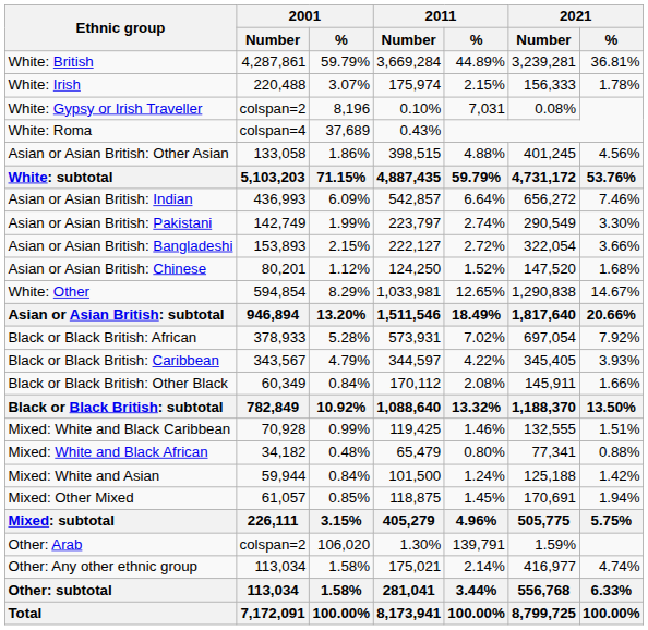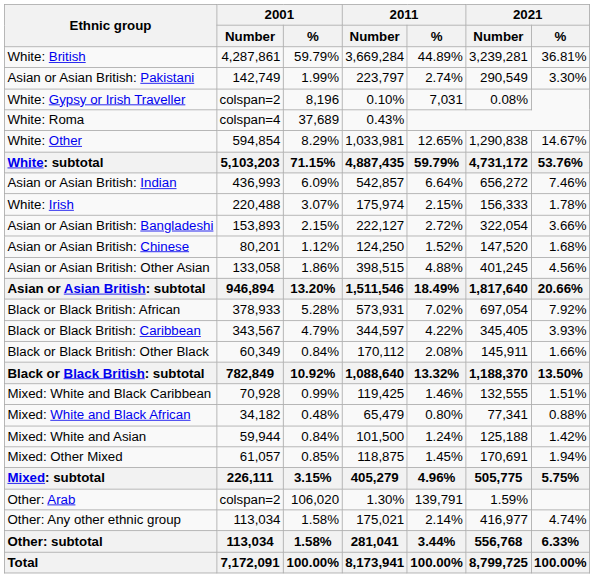 <table class="wikitable sortable" style="text-align:right">
 <tr>
 <th rowspan="2">Ethnic group</th>
 <th colspan="2">2001</th>
 <th colspan="2">2011</th>
 <th colspan="2">2021</th>
 </tr>
 <tr>
 <th>Number</th>
 <th>%</th>
 <th>Number</th>
 <th>%</th>
 <th>Number</th>
 <th>%</th>
 </tr>
 <tr>
 <td style="text-align:left">White: <a href='#'>British</a></td>
 <td>4,287,861</td>
 <td>59.79%</td>
 <td>3,669,284</td>
 <td>44.89%</td>
 <td>3,239,281</td>
 <td>36.81%</td>
 </tr>
 <tr>
-<td style="text-align:left">White: <a href='#'>Irish</a></td>
-<td>220,488</td>
-<td>3.07%</td>
-<td>175,974</td>
-<td>2.15%</td>
-<td>156,333</td>
-<td>1.78%</td>
+<td style="text-align:left">Asian or Asian British: <a href='#'>Pakistani</a></td>
+<td>142,749</td>
+<td>1.99%</td>
+<td>223,797</td>
+<td>2.74%</td>
+<td>290,549</td>
+<td>3.30%</td>
 </tr>
 <tr>
 <td style="text-align:left">White: <a href='#'>Gypsy or Irish Traveller</a></td>
 <td>colspan=2 </td>
 <td>8,196</td>
 <td>0.10%</td>
 <td>7,031</td>
 <td>0.08%</td>
 </tr>
 <tr>
 <td style="text-align:left">White: Roma</td>
 <td>colspan=4 </td>
 <td>37,689</td>
 <td>0.43%</td>
 </tr>
 <tr>
-<td style="text-align:left">Asian or Asian British: Other Asian</td>
-<td>133,058</td>
-<td>1.86%</td>
-<td>398,515</td>
-<td>4.88%</td>
-<td>401,245</td>
-<td>4.56%</td>
+<td style="text-align:left">White: <a href='#'>Other</a></td>
+<td>594,854</td>
+<td>8.29%</td>
+<td>1,033,981</td>
+<td>12.65%</td>
+<td>1,290,838</td>
+<td>14.67%</td>
 </tr>
 <tr>
 <th style="text-align:left"><a href='#'>White</a>: subtotal</th>
 <th>5,103,203</th>
 <th>71.15%</th>
 <th>4,887,435</th>
 <th>59.79%</th>
 <th>4,731,172</th>
 <th>53.76%</th>
 </tr>
 <tr>
 <td style="text-align:left">Asian or Asian British: <a href='#'>Indian</a></td>
 <td>436,993</td>
 <td>6.09%</td>
 <td>542,857</td>
 <td>6.64%</td>
 <td>656,272</td>
 <td>7.46%</td>
 </tr>
 <tr>
-<td style="text-align:left">Asian or Asian British: <a href='#'>Pakistani</a></td>
-<td>142,749</td>
-<td>1.99%</td>
-<td>223,797</td>
-<td>2.74%</td>
-<td>290,549</td>
-<td>3.30%</td>
+<td style="text-align:left">White: <a href='#'>Irish</a></td>
+<td>220,488</td>
+<td>3.07%</td>
+<td>175,974</td>
+<td>2.15%</td>
+<td>156,333</td>
+<td>1.78%</td>
 </tr>
 <tr>
 <td style="text-align:left">Asian or Asian British: <a href='#'>Bangladeshi</a></td>
 <td>153,893</td>
 <td>2.15%</td>
 <td>222,127</td>
 <td>2.72%</td>
 <td>322,054</td>
 <td>3.66%</td>
 </tr>
 <tr>
 <td style="text-align:left">Asian or Asian British: <a href='#'>Chinese</a></td>
 <td>80,201</td>
 <td>1.12%</td>
 <td>124,250</td>
 <td>1.52%</td>
 <td>147,520</td>
 <td>1.68%</td>
 </tr>
 <tr>
-<td style="text-align:left">White: <a href='#'>Other</a></td>
-<td>594,854</td>
-<td>8.29%</td>
-<td>1,033,981</td>
-<td>12.65%</td>
-<td>1,290,838</td>
-<td>14.67%</td>
+<td style="text-align:left">Asian or Asian British: Other Asian</td>
+<td>133,058</td>
+<td>1.86%</td>
+<td>398,515</td>
+<td>4.88%</td>
+<td>401,245</td>
+<td>4.56%</td>
 </tr>
 <tr>
 <th style="text-align:left">Asian or <a href='#'>Asian British</a>: subtotal</th>
 <th>946,894</th>
 <th>13.20%</th>
 <th>1,511,546</th>
 <th>18.49%</th>
 <th>1,817,640</th>
 <th>20.66%</th>
 </tr>
 <tr>
 <td style="text-align:left">Black or Black British: African</td>
 <td>378,933</td>
 <td>5.28%</td>
 <td>573,931</td>
 <td>7.02%</td>
 <td>697,054</td>
 <td>7.92%</td>
 </tr>
 <tr>
 <td style="text-align:left">Black or Black British: <a href='#'>Caribbean</a></td>
 <td>343,567</td>
 <td>4.79%</td>
 <td>344,597</td>
 <td>4.22%</td>
 <td>345,405</td>
 <td>3.93%</td>
 </tr>
 <tr>
 <td style="text-align:left">Black or Black British: Other Black</td>
 <td>60,349</td>
 <td>0.84%</td>
 <td>170,112</td>
 <td>2.08%</td>
 <td>145,911</td>
 <td>1.66%</td>
 </tr>
 <tr>
 <th style="text-align:left">Black or <a href='#'>Black British</a>: subtotal</th>
 <th>782,849</th>
 <th>10.92%</th>
 <th>1,088,640</th>
 <th>13.32%</th>
 <th>1,188,370</th>
 <th>13.50%</th>
 </tr>
 <tr>
 <td style="text-align:left">Mixed: White and Black Caribbean</td>
 <td>70,928</td>
 <td>0.99%</td>
 <td>119,425</td>
 <td>1.46%</td>
 <td>132,555</td>
 <td>1.51%</td>
 </tr>
 <tr>
 <td style="text-align:left">Mixed: <a href='#'>White and Black African</a></td>
 <td>34,182</td>
 <td>0.48%</td>
 <td>65,479</td>
 <td>0.80%</td>
 <td>77,341</td>
 <td>0.88%</td>
 </tr>
 <tr>
 <td style="text-align:left">Mixed: White and Asian</td>
 <td>59,944</td>
 <td>0.84%</td>
 <td>101,500</td>
 <td>1.24%</td>
 <td>125,188</td>
 <td>1.42%</td>
 </tr>
 <tr>
 <td style="text-align:left">Mixed: Other Mixed</td>
 <td>61,057</td>
 <td>0.85%</td>
 <td>118,875</td>
 <td>1.45%</td>
 <td>170,691</td>
 <td>1.94%</td>
 </tr>
 <tr>
 <th style="text-align:left"><a href='#'>Mixed</a>: subtotal</th>
 <th>226,111</th>
 <th>3.15%</th>
 <th>405,279</th>
 <th>4.96%</th>
 <th>505,775</th>
 <th>5.75%</th>
 </tr>
 <tr>
 <td style="text-align:left">Other: <a href='#'>Arab</a></td>
 <td>colspan=2 </td>
 <td>106,020</td>
 <td>1.30%</td>
 <td>139,791</td>
 <td>1.59%</td>
 </tr>
 <tr>
 <td style="text-align:left">Other: Any other ethnic group</td>
 <td>113,034</td>
 <td>1.58%</td>
 <td>175,021</td>
 <td>2.14%</td>
 <td>416,977</td>
 <td>4.74%</td>
 </tr>
 <tr>
 <th style="text-align:left">Other: subtotal</th>
 <th>113,034</th>
 <th>1.58%</th>
 <th>281,041</th>
 <th>3.44%</th>
 <th>556,768</th>
 <th>6.33%</th>
 </tr>
 <tr>
 <th style="text-align:left">Total</th>
 <th>7,172,091</th>
 <th>100.00%</th>
 <th>8,173,941</th>
 <th>100.00%</th>
 <th>8,799,725</th>
 <th>100.00%</th>
 </tr>
 </table>
